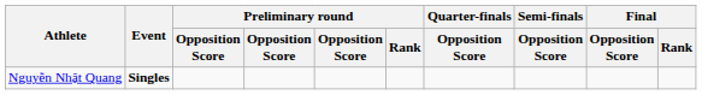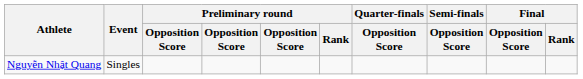 <table class=wikitable style=font-size:90%;text-align:center>
 <tr>
 <th rowspan="2">Athlete</th>
 <th rowspan="2">Event</th>
 <th colspan="4">Preliminary round</th>
 <th>Quarter-finals</th>
 <th>Semi-finals</th>
 <th colspan="2">Final</th>
 </tr>
 <tr>
 <th>Opposition<br>Score</th>
 <th>Opposition<br>Score</th>
 <th>Opposition<br>Score</th>
 <th>Rank</th>
 <th>Opposition<br>Score</th>
 <th>Opposition<br>Score</th>
 <th>Opposition<br>Score</th>
 <th>Rank</th>
 </tr>
 <tr>
 <td align=left><a href='#'>Nguyễn Nhật Quang</a></td>
-<td><strong>Singles</strong></td>
+<td>Singles</td>
 <td></td>
 <td></td>
 <td></td>
 <td></td>
 <td></td>
 <td></td>
 <td></td>
 <td></td>
 </tr>
 </table>
